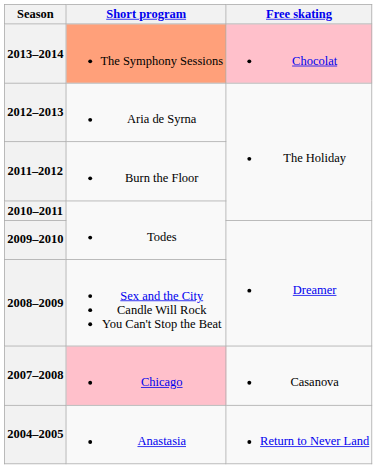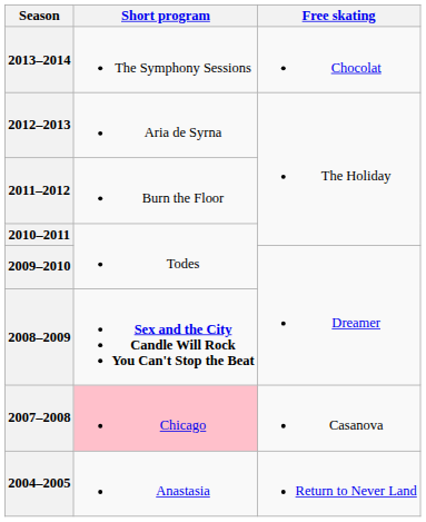 <table class="wikitable" style="text-align:center">
 <tr>
 <th>Season</th>
 <th><a href='#'>Short program</a></th>
 <th><a href='#'>Free skating</a></th>
 </tr>
 <tr>
 <th>2013–2014 <br></th>
-<td style="background: lightsalmon;"><br><ul><li>The Symphony Sessions <br></li></ul></td>
-<td style="background: pink;"><br><ul><li><a href='#'>Chocolat</a> <br></li></ul></td>
+<td><br><ul><li>The Symphony Sessions <br></li></ul></td>
+<td><br><ul><li><a href='#'>Chocolat</a> <br></li></ul></td>
 </tr>
 <tr>
 <th>2012–2013 <br></th>
 <td><br><ul><li>Aria de Syrna</li></ul></td>
 <td rowspan=3><br><ul><li>The Holiday <br></li></ul></td>
 </tr>
 <tr>
 <th>2011–2012 <br></th>
 <td><br><ul><li>Burn the Floor <br></li></ul></td>
 </tr>
 <tr>
 <th>2010–2011 <br></th>
 <td rowspan=2><br><ul><li>Todes <br></li></ul></td>
 </tr>
 <tr>
 <th>2009–2010 <br></th>
 <td rowspan=2><br><ul><li><a href='#'>Dreamer</a> <br></li></ul></td>
 </tr>
 <tr>
 <th>2008–2009 <br></th>
-<td><br><ul><li><a href='#'>Sex and the City</a></li><li>Candle Will Rock <br> </li><li>You Can't Stop the Beat <br></li></ul></td>
+<td><strong><br><ul><li><a href='#'>Sex and the City</a></li><li>Candle Will Rock <br> </li><li>You Can't Stop the Beat <br></li></ul></strong></td>
 </tr>
 <tr>
 <th>2007–2008 <br></th>
 <td style="background: pink;"><br><ul><li><a href='#'>Chicago</a> <br></li></ul></td>
 <td><br><ul><li>Casanova</li></ul></td>
 </tr>
 <tr>
 <th>2004–2005 <br></th>
 <td><br><ul><li><a href='#'>Anastasia</a> <br></li></ul></td>
 <td><br><ul><li><a href='#'>Return to Never Land</a> <br></li></ul></td>
 </tr>
 </table>
